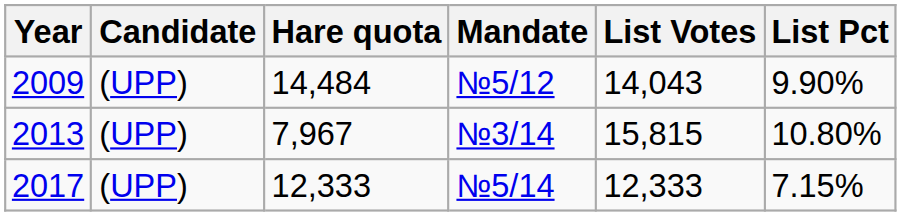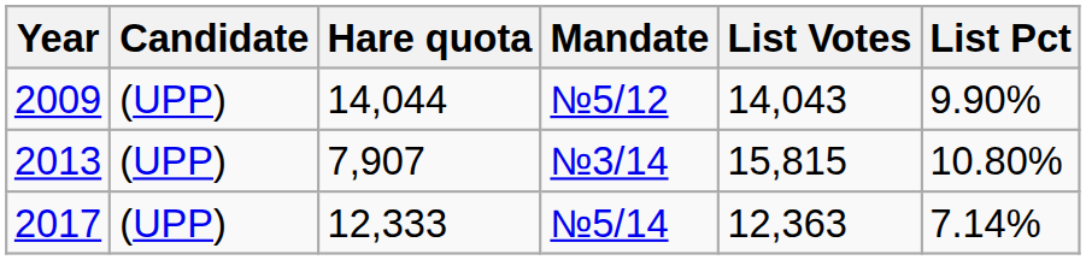 <table class="wikitable" style="margin:0.5em ; font-size:95%">
 <tr>
 <th>Year</th>
 <th>Candidate</th>
 <th>Hare quota</th>
 <th>Mandate</th>
 <th>List Votes</th>
 <th>List Pct</th>
 </tr>
 <tr>
 <td><a href='#'>2009</a></td>
 <td> (<a href='#'>UPP</a>)</td>
-<td>14,484</td>
+<td>14,044</td>
 <td><a href='#'>№5/12</a></td>
 <td>14,043</td>
 <td>9.90%</td>
 </tr>
 <tr>
 <td><a href='#'>2013</a></td>
 <td> (<a href='#'>UPP</a>)</td>
-<td>7,967</td>
+<td>7,907</td>
 <td><a href='#'>№3/14</a></td>
 <td>15,815</td>
 <td>10.80%</td>
 </tr>
 <tr>
 <td><a href='#'>2017</a></td>
 <td> (<a href='#'>UPP</a>)</td>
 <td>12,333</td>
 <td><a href='#'>№5/14</a></td>
-<td>12,333</td>
-<td>7.15%</td>
+<td>12,363</td>
+<td>7.14%</td>
 </tr>
 </table>
